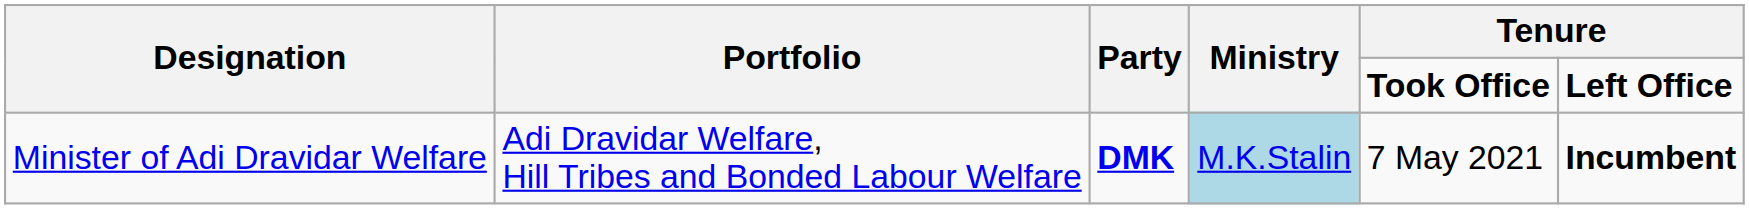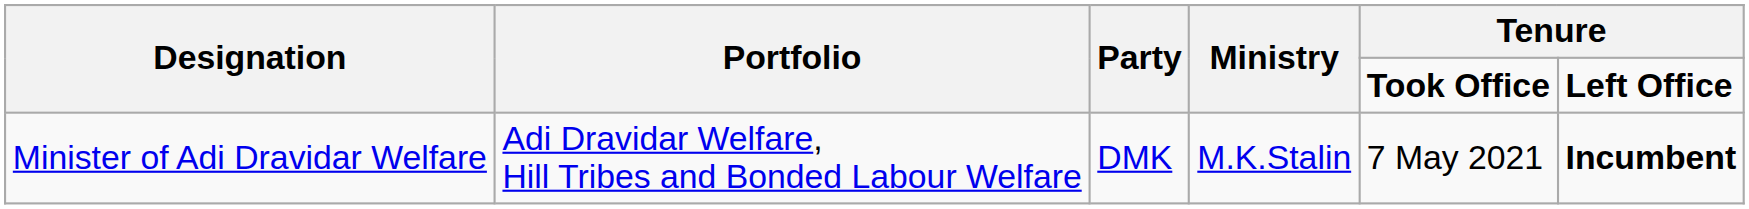 <table class="wikitable">
 <tr>
 <th rowspan="2">Designation</th>
 <th rowspan="2">Portfolio</th>
 <th rowspan="2">Party</th>
 <th rowspan="2">Ministry</th>
 <th colspan="2">Tenure</th>
 </tr>
 <tr>
 <td><strong>Took Office</strong></td>
 <td><strong>Left Office</strong></td>
 </tr>
 <tr>
 <td><a href='#'>Minister of Adi Dravidar Welfare</a></td>
 <td><a href='#'>Adi Dravidar Welfare</a>,<br><a href='#'>Hill Tribes and Bonded Labour Welfare</a></td>
-<td><strong><a href='#'>DMK</a></strong></td>
-<td style="background: lightblue;"><a href='#'>M.K.Stalin</a></td>
+<td><a href='#'>DMK</a></td>
+<td><a href='#'>M.K.Stalin</a></td>
 <td>7 May 2021</td>
 <td><strong>Incumbent</strong></td>
 </tr>
 </table>
